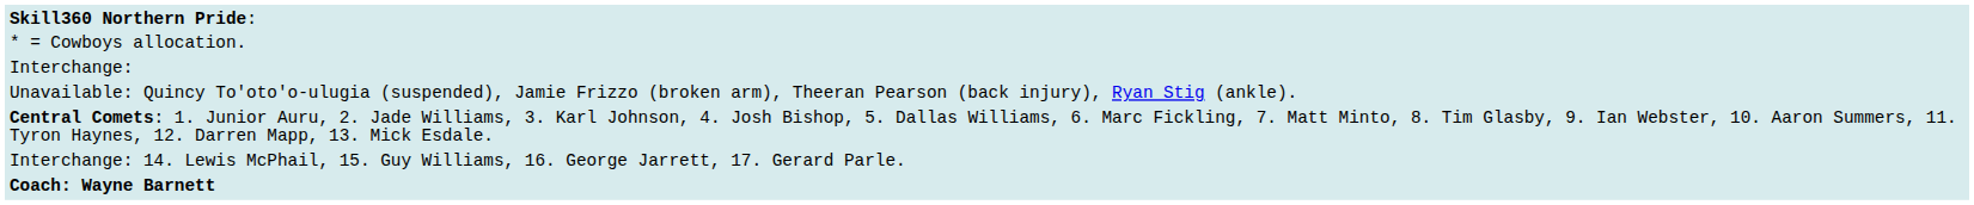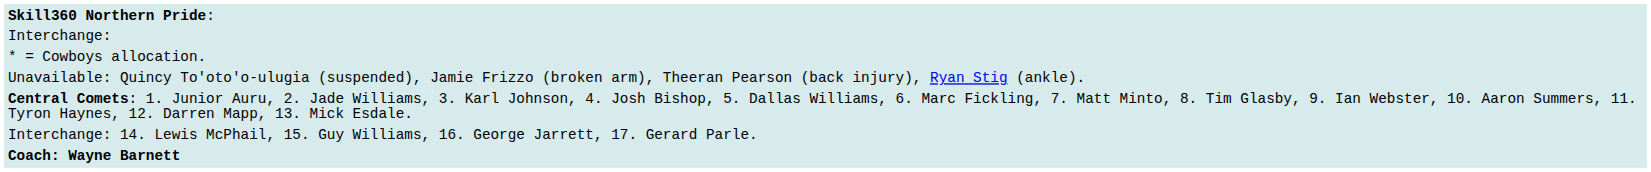 <table style="background:#d7ebed; font-size:85%; width:100%;">
 <tr>
 <td><strong>Skill360 Northern Pride</strong>:             </td>
 </tr>
 <tr>
-<td>* = Cowboys allocation.</td>
+<td>Interchange:    </td>
 </tr>
 <tr>
-<td>Interchange:    </td>
+<td>* = Cowboys allocation.</td>
 </tr>
 <tr>
 <td>Unavailable: Quincy To'oto'o-ulugia (suspended), Jamie Frizzo (broken arm), Theeran Pearson (back injury), <a href='#'>Ryan Stig</a> (ankle).</td>
 </tr>
 <tr>
 <td><strong>Central Comets</strong>: 1. Junior Auru, 2. Jade Williams, 3. Karl Johnson, 4. Josh Bishop, 5. Dallas Williams, 6. Marc Fickling, 7. Matt Minto, 8. Tim Glasby, 9. Ian Webster, 10. Aaron Summers, 11. Tyron Haynes, 12. Darren Mapp, 13. Mick Esdale.</td>
 </tr>
 <tr>
 <td>Interchange: 14. Lewis McPhail, 15. Guy Williams, 16. George Jarrett, 17. Gerard Parle.</td>
 </tr>
 <tr>
 <td><strong>Coach: Wayne Barnett</strong></td>
 </tr>
 </table>
